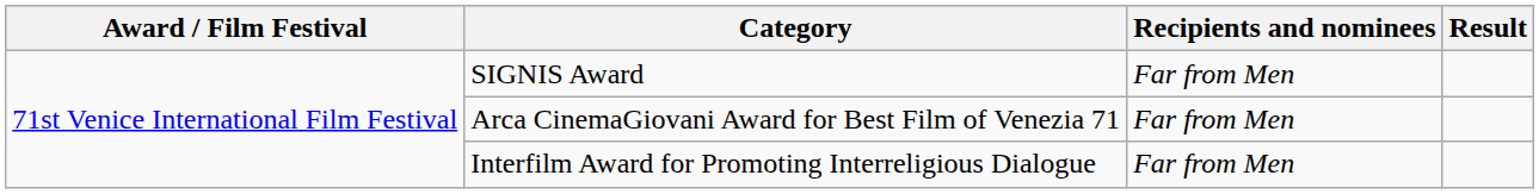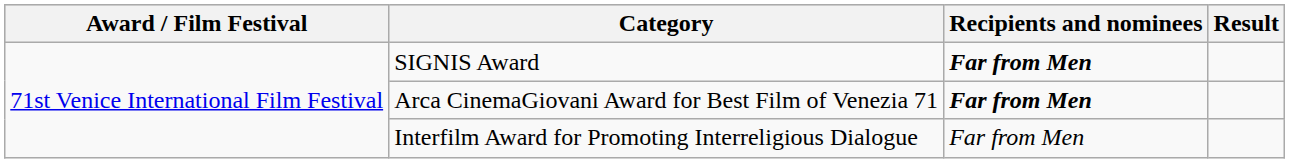 <table class="wikitable plainrowheaders sortable">
 <tr style="background:#ccc; text-align:center;">
 <th scope="col">Award / Film Festival</th>
 <th scope="col">Category</th>
 <th scope="col">Recipients and nominees</th>
 <th scope="col">Result</th>
 </tr>
 <tr>
 <td rowspan=3><a href='#'>71st Venice International Film Festival</a></td>
 <td>SIGNIS Award</td>
-<td><em>Far from Men</em></td>
+<td><strong><em>Far from Men</em></strong></td>
 <td></td>
 </tr>
 <tr>
 <td>Arca CinemaGiovani Award for Best Film of Venezia 71</td>
-<td><em>Far from Men</em></td>
+<td><strong><em>Far from Men</em></strong></td>
 <td></td>
 </tr>
 <tr>
 <td>Interfilm Award for Promoting Interreligious Dialogue</td>
 <td><em>Far from Men</em></td>
 <td></td>
 </tr>
 </table>
